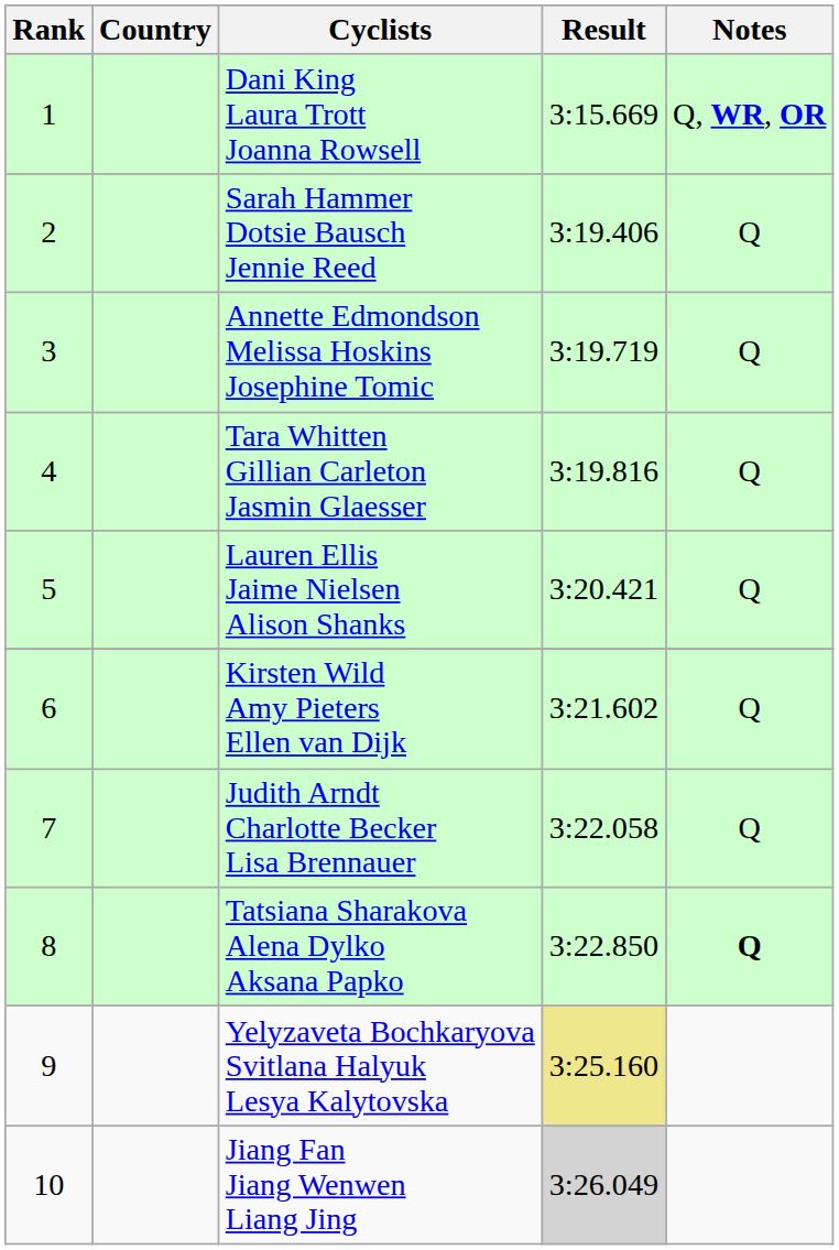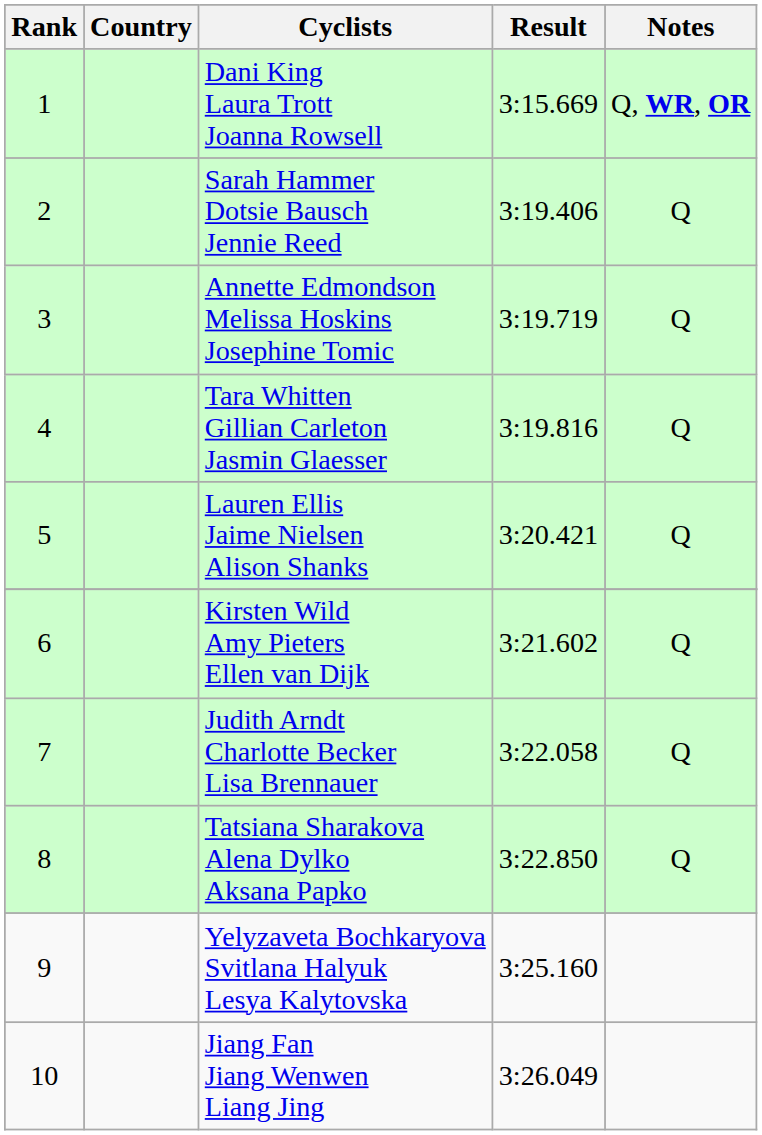 <table class="wikitable sortable" style="text-align:center;">
 <tr>
 <th>Rank</th>
 <th>Country</th>
 <th class="unsortable">Cyclists</th>
 <th>Result</th>
 <th class="unsortable">Notes</th>
 </tr>
 <tr bgcolor=ccffcc>
 <td>1</td>
 <td align="left"></td>
 <td align="left"><a href='#'>Dani King</a><br><a href='#'>Laura Trott</a><br><a href='#'>Joanna Rowsell</a></td>
 <td>3:15.669</td>
 <td>Q, <strong><a href='#'>WR</a></strong>, <strong><a href='#'>OR</a></strong></td>
 </tr>
 <tr bgcolor=ccffcc>
 <td>2</td>
 <td align="left"></td>
 <td align="left"><a href='#'>Sarah Hammer</a><br><a href='#'>Dotsie Bausch</a><br><a href='#'>Jennie Reed</a></td>
 <td>3:19.406</td>
 <td>Q</td>
 </tr>
 <tr bgcolor=ccffcc>
 <td>3</td>
 <td align="left"></td>
 <td align="left"><a href='#'>Annette Edmondson</a><br><a href='#'>Melissa Hoskins</a><br><a href='#'>Josephine Tomic</a></td>
 <td>3:19.719</td>
 <td>Q</td>
 </tr>
 <tr bgcolor=ccffcc>
 <td>4</td>
 <td align="left"></td>
 <td align="left"><a href='#'>Tara Whitten</a><br><a href='#'>Gillian Carleton</a><br><a href='#'>Jasmin Glaesser</a></td>
 <td>3:19.816</td>
 <td>Q</td>
 </tr>
 <tr bgcolor=ccffcc>
 <td>5</td>
 <td align="left"></td>
 <td align="left"><a href='#'>Lauren Ellis</a><br><a href='#'>Jaime Nielsen</a><br><a href='#'>Alison Shanks</a></td>
 <td>3:20.421</td>
 <td>Q</td>
 </tr>
 <tr>
 </tr>
 <tr bgcolor=ccffcc>
 <td>6</td>
 <td align="left"></td>
 <td align="left"><a href='#'>Kirsten Wild</a><br><a href='#'>Amy Pieters</a><br><a href='#'>Ellen van Dijk</a></td>
 <td>3:21.602</td>
 <td>Q</td>
 </tr>
 <tr bgcolor=ccffcc>
 <td>7</td>
 <td align="left"></td>
 <td align="left"><a href='#'>Judith Arndt</a><br><a href='#'>Charlotte Becker</a><br><a href='#'>Lisa Brennauer</a></td>
 <td>3:22.058</td>
 <td>Q</td>
 </tr>
 <tr bgcolor=ccffcc>
 <td>8</td>
 <td align="left"></td>
 <td align="left"><a href='#'>Tatsiana Sharakova</a><br><a href='#'>Alena Dylko</a><br><a href='#'>Aksana Papko</a></td>
 <td>3:22.850</td>
-<td><strong>Q</strong></td>
+<td>Q</td>
 </tr>
 <tr>
 <td>9</td>
 <td align="left"></td>
 <td align="left"><a href='#'>Yelyzaveta Bochkaryova</a><br><a href='#'>Svitlana Halyuk</a><br><a href='#'>Lesya Kalytovska</a></td>
-<td style="background: khaki;">3:25.160</td>
+<td>3:25.160</td>
 <td></td>
 </tr>
 <tr>
 <td>10</td>
 <td align="left"></td>
 <td align="left"><a href='#'>Jiang Fan</a><br><a href='#'>Jiang Wenwen</a><br><a href='#'>Liang Jing</a></td>
-<td style="background: lightgrey;">3:26.049</td>
+<td>3:26.049</td>
 <td></td>
 </tr>
 </table>
